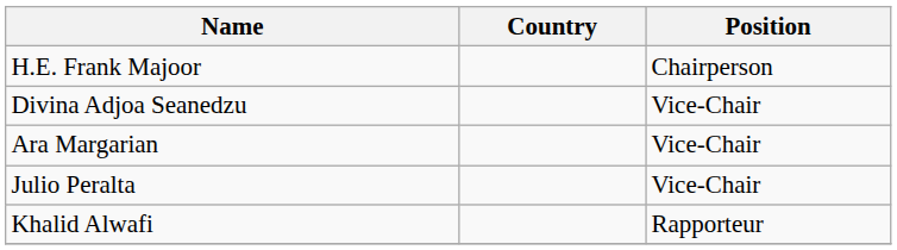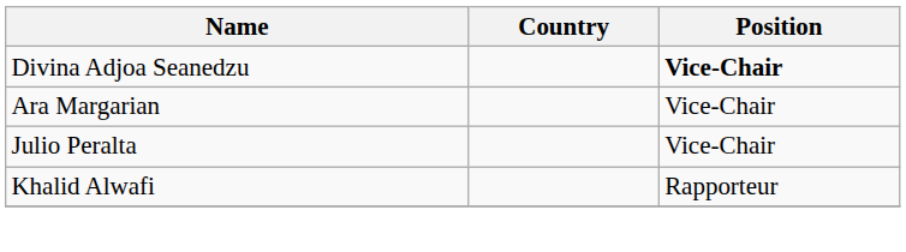 <table class="wikitable" style="display: inline-table; width: 45%">
 <tr>
 <th>Name</th>
 <th>Country</th>
 <th>Position</th>
 </tr>
 <tr>
-<td>H.E. Frank Majoor</td>
-<td></td>
-<td>Chairperson</td>
-</tr>
-<tr>
 <td>Divina Adjoa Seanedzu</td>
 <td></td>
-<td>Vice-Chair</td>
+<td><strong>Vice-Chair</strong></td>
 </tr>
 <tr>
 <td>Ara Margarian</td>
 <td></td>
 <td>Vice-Chair</td>
 </tr>
 <tr>
 <td>Julio Peralta</td>
 <td></td>
 <td>Vice-Chair</td>
 </tr>
 <tr>
 <td>Khalid Alwafi</td>
 <td></td>
 <td>Rapporteur</td>
 </tr>
 <tr>
 </tr>
 </table>
